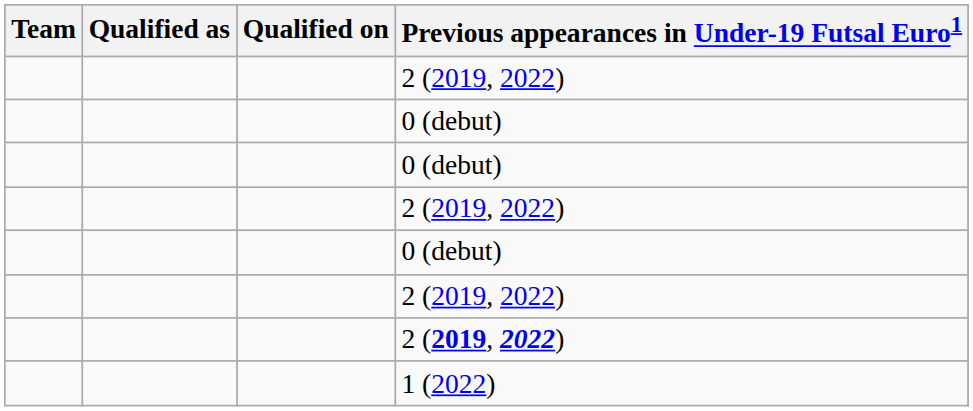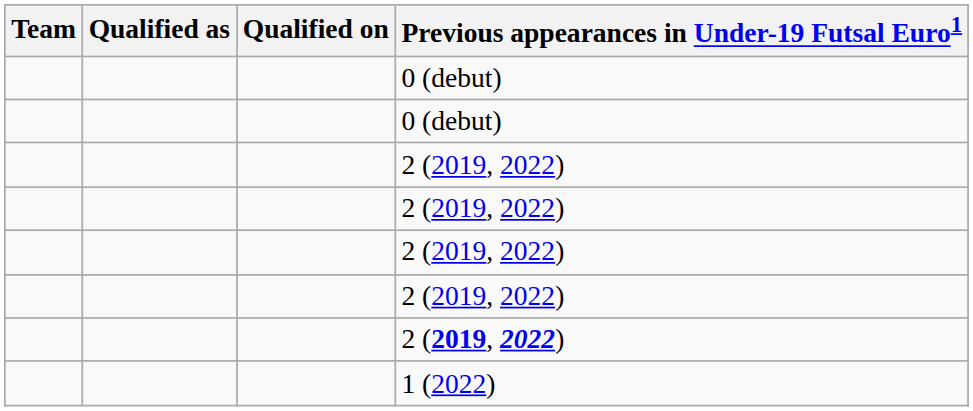 <table class="wikitable sortable">
 <tr>
 <th>Team</th>
 <th>Qualified as</th>
 <th>Qualified on</th>
 <th data-sort-type="number">Previous appearances in <a href='#'>Under-19 Futsal Euro</a><sup><a href='#'>1</a></sup></th>
-</tr>
-<tr>
-<td></td>
-<td></td>
-<td></td>
-<td>2 (<a href='#'>2019</a>, <a href='#'>2022</a>)</td>
 </tr>
 <tr>
 <td></td>
 <td></td>
 <td></td>
 <td>0 (debut)</td>
 </tr>
 <tr>
 <td></td>
 <td></td>
 <td></td>
 <td>0 (debut)</td>
 </tr>
 <tr>
 <td></td>
 <td></td>
 <td></td>
 <td>2 (<a href='#'>2019</a>, <a href='#'>2022</a>)</td>
 </tr>
 <tr>
 <td></td>
 <td></td>
 <td></td>
-<td>0 (debut)</td>
+<td>2 (<a href='#'>2019</a>, <a href='#'>2022</a>)</td>
+</tr>
+<tr>
+<td></td>
+<td></td>
+<td></td>
+<td>2 (<a href='#'>2019</a>, <a href='#'>2022</a>)</td>
 </tr>
 <tr>
 <td></td>
 <td></td>
 <td></td>
 <td>2 (<a href='#'>2019</a>, <a href='#'>2022</a>)</td>
 </tr>
 <tr>
 <td></td>
 <td></td>
 <td></td>
 <td>2 (<a href='#'><strong>2019</strong></a>, <a href='#'><strong><em>2022</em></strong></a>)</td>
 </tr>
 <tr>
 <td></td>
 <td></td>
 <td></td>
 <td>1 (<a href='#'>2022</a>)</td>
 </tr>
 </table>
